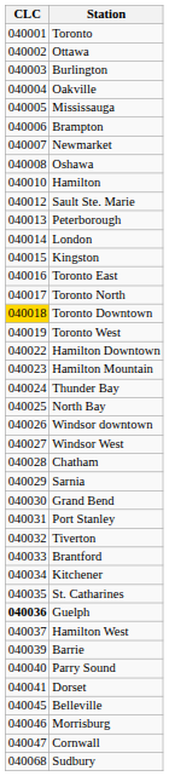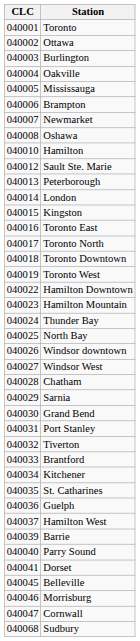 <table class="wikitable" style="line-height: 100%;">
 <tr>
 <th>CLC</th>
 <th>Station</th>
 </tr>
 <tr>
 <td>040001</td>
 <td>Toronto</td>
 </tr>
 <tr>
 <td>040002</td>
 <td>Ottawa</td>
 </tr>
 <tr>
 <td>040003</td>
 <td>Burlington</td>
 </tr>
 <tr>
 <td>040004</td>
 <td>Oakville</td>
 </tr>
 <tr>
 <td>040005</td>
 <td>Mississauga</td>
 </tr>
 <tr>
 <td>040006</td>
 <td>Brampton</td>
 </tr>
 <tr>
 <td>040007</td>
 <td>Newmarket</td>
 </tr>
 <tr>
 <td>040008</td>
 <td>Oshawa</td>
 </tr>
 <tr>
 <td>040010</td>
 <td>Hamilton</td>
 </tr>
 <tr>
 <td>040012</td>
 <td>Sault Ste. Marie</td>
 </tr>
 <tr>
 <td>040013</td>
 <td>Peterborough</td>
 </tr>
 <tr>
 <td>040014</td>
 <td>London</td>
 </tr>
 <tr>
 <td>040015</td>
 <td>Kingston</td>
 </tr>
 <tr>
 <td>040016</td>
 <td>Toronto East</td>
 </tr>
 <tr>
 <td>040017</td>
 <td>Toronto North</td>
 </tr>
 <tr>
-<td style="background: gold;">040018</td>
+<td>040018</td>
 <td>Toronto Downtown</td>
 </tr>
 <tr>
 <td>040019</td>
 <td>Toronto West</td>
 </tr>
 <tr>
 <td>040022</td>
 <td>Hamilton Downtown</td>
 </tr>
 <tr>
 <td>040023</td>
 <td>Hamilton Mountain</td>
 </tr>
 <tr>
 <td>040024</td>
 <td>Thunder Bay</td>
 </tr>
 <tr>
 <td>040025</td>
 <td>North Bay</td>
 </tr>
 <tr>
 <td>040026</td>
 <td>Windsor downtown</td>
 </tr>
 <tr>
 <td>040027</td>
 <td>Windsor West</td>
 </tr>
 <tr>
 <td>040028</td>
 <td>Chatham</td>
 </tr>
 <tr>
 <td>040029</td>
 <td>Sarnia</td>
 </tr>
 <tr>
 <td>040030</td>
 <td>Grand Bend</td>
 </tr>
 <tr>
 <td>040031</td>
 <td>Port Stanley</td>
 </tr>
 <tr>
 <td>040032</td>
 <td>Tiverton</td>
 </tr>
 <tr>
 <td>040033</td>
 <td>Brantford</td>
 </tr>
 <tr>
 <td>040034</td>
 <td>Kitchener</td>
 </tr>
 <tr>
 <td>040035</td>
 <td>St. Catharines</td>
 </tr>
 <tr>
-<td><strong>040036</strong></td>
+<td>040036</td>
 <td>Guelph</td>
 </tr>
 <tr>
 <td>040037</td>
 <td>Hamilton West</td>
 </tr>
 <tr>
 <td>040039</td>
 <td>Barrie</td>
 </tr>
 <tr>
 <td>040040</td>
 <td>Parry Sound</td>
 </tr>
 <tr>
 <td>040041</td>
 <td>Dorset</td>
 </tr>
 <tr>
 <td>040045</td>
 <td>Belleville</td>
 </tr>
 <tr>
 <td>040046</td>
 <td>Morrisburg</td>
 </tr>
 <tr>
 <td>040047</td>
 <td>Cornwall</td>
 </tr>
 <tr>
 <td>040068</td>
 <td>Sudbury</td>
 </tr>
 </table>
